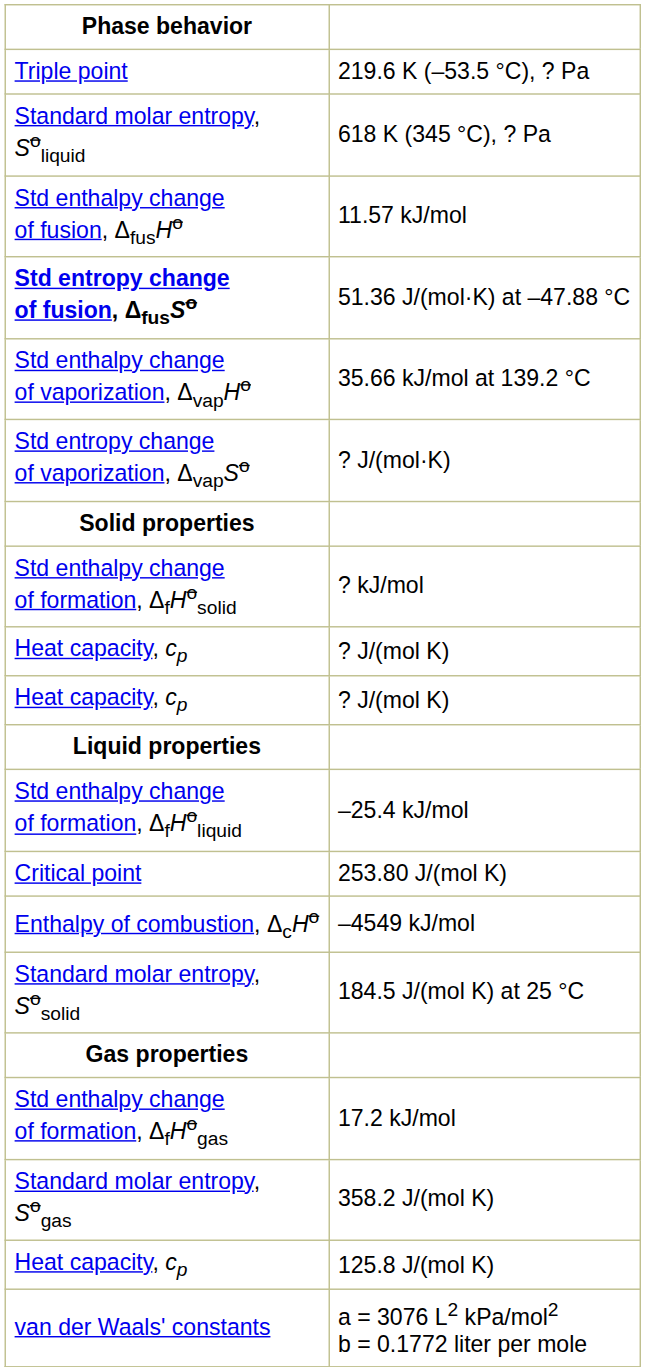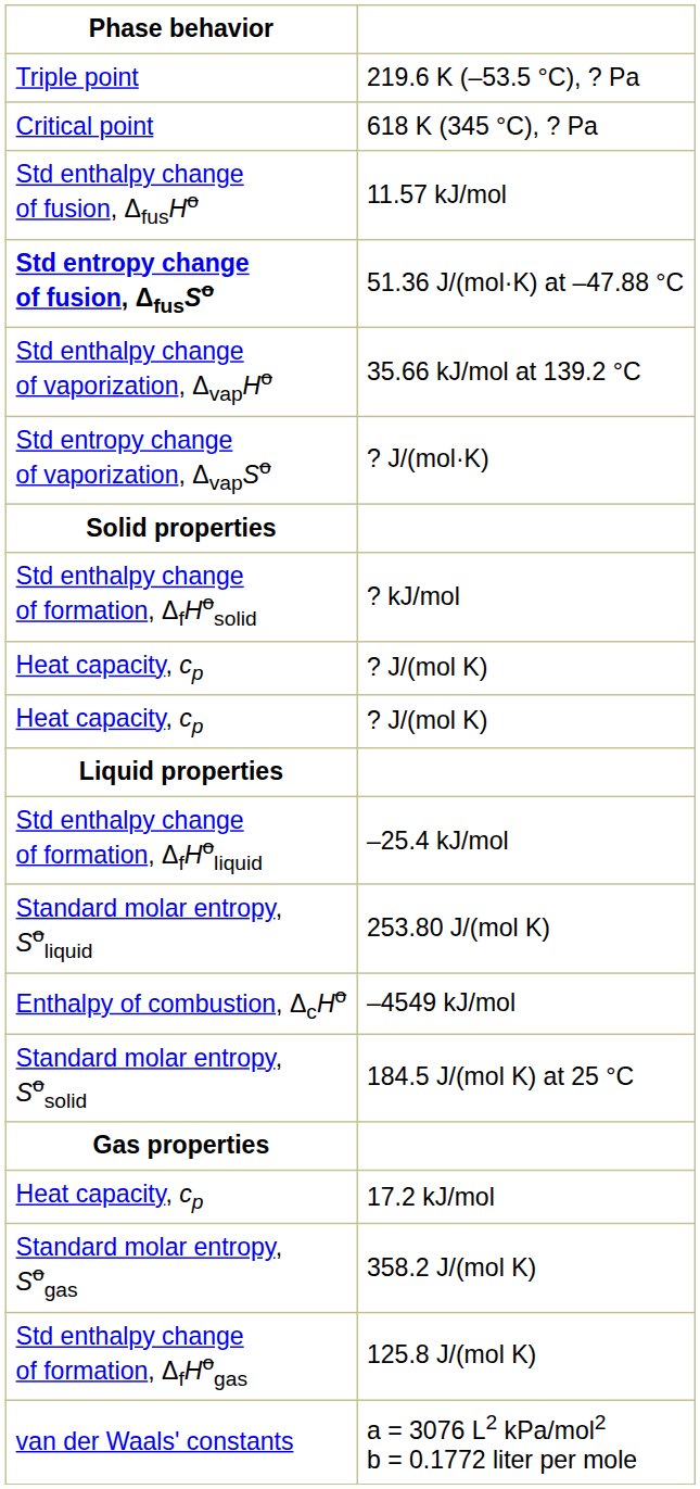 <table border="1" cellspacing="0" cellpadding="6" style="margin: 0 0 0 0.5em; background: #FFFFFF; border-collapse: collapse; border-color: #C0C090;">
 <tr>
 <th>Phase behavior</th>
 </tr>
 <tr>
 <td><a href='#'>Triple point</a></td>
 <td>219.6 K (–53.5 °C), ? Pa</td>
 </tr>
 <tr>
-<td><a href='#'>Standard molar entropy</a>,<br><em>S</em><sup><s>o</s></sup><sub>liquid</sub></td>
+<td><a href='#'>Critical point</a></td>
 <td>618 K (345 °C), ? Pa</td>
 </tr>
 <tr>
 <td><a href='#'>Std enthalpy change<br>of fusion</a>, Δ<sub>fus</sub><em>H</em><sup><s>o</s></sup></td>
 <td>11.57 kJ/mol</td>
 </tr>
 <tr>
 <td><strong><a href='#'>Std entropy change<br>of fusion</a>, Δ<sub>fus</sub><em>S</em><sup><s>o</s></sup></strong></td>
 <td>51.36 J/(mol·K) at –47.88 °C</td>
 </tr>
 <tr>
 <td><a href='#'>Std enthalpy change<br>of vaporization</a>, Δ<sub>vap</sub><em>H</em><sup><s>o</s></sup></td>
 <td>35.66 kJ/mol at 139.2 °C</td>
 </tr>
 <tr>
 <td><a href='#'>Std entropy change<br>of vaporization</a>, Δ<sub>vap</sub><em>S</em><sup><s>o</s></sup></td>
 <td>? J/(mol·K)</td>
 </tr>
 <tr>
 <th>Solid properties</th>
 </tr>
 <tr>
 <td><a href='#'>Std enthalpy change<br>of formation</a>, Δ<sub>f</sub><em>H</em><sup><s>o</s></sup><sub>solid</sub></td>
 <td>? kJ/mol</td>
 </tr>
 <tr>
 <td><a href='#'>Heat capacity</a>, <em>c<sub>p</sub></em></td>
 <td>? J/(mol K)</td>
 </tr>
 <tr>
 <td><a href='#'>Heat capacity</a>, <em>c<sub>p</sub></em></td>
 <td>? J/(mol K)</td>
 </tr>
 <tr>
 <th>Liquid properties</th>
 </tr>
 <tr>
 <td><a href='#'>Std enthalpy change<br>of formation</a>, Δ<sub>f</sub><em>H</em><sup><s>o</s></sup><sub>liquid</sub></td>
 <td>–25.4 kJ/mol</td>
 </tr>
 <tr>
-<td><a href='#'>Critical point</a></td>
+<td><a href='#'>Standard molar entropy</a>,<br><em>S</em><sup><s>o</s></sup><sub>liquid</sub></td>
 <td>253.80 J/(mol K)</td>
 </tr>
 <tr>
 <td><a href='#'>Enthalpy of combustion</a>, Δ<sub>c</sub><em>H</em><sup><s>o</s></sup></td>
 <td>–4549 kJ/mol</td>
 </tr>
 <tr>
 <td><a href='#'>Standard molar entropy</a>,<br><em>S</em><sup><s>o</s></sup><sub>solid</sub></td>
 <td>184.5 J/(mol K) at 25 °C</td>
 </tr>
 <tr>
 <th>Gas properties</th>
 </tr>
 <tr>
-<td><a href='#'>Std enthalpy change<br>of formation</a>, Δ<sub>f</sub><em>H</em><sup><s>o</s></sup><sub>gas</sub></td>
+<td><a href='#'>Heat capacity</a>, <em>c<sub>p</sub></em></td>
 <td>17.2 kJ/mol</td>
 </tr>
 <tr>
 <td><a href='#'>Standard molar entropy</a>,<br><em>S</em><sup><s>o</s></sup><sub>gas</sub></td>
 <td>358.2 J/(mol K)</td>
 </tr>
 <tr>
-<td><a href='#'>Heat capacity</a>, <em>c<sub>p</sub></em></td>
+<td><a href='#'>Std enthalpy change<br>of formation</a>, Δ<sub>f</sub><em>H</em><sup><s>o</s></sup><sub>gas</sub></td>
 <td>125.8 J/(mol K)</td>
 </tr>
 <tr>
 <td><a href='#'>van der Waals' constants</a></td>
 <td>a = 3076 L<sup>2</sup> kPa/mol<sup>2</sup><br> b = 0.1772 liter per mole</td>
 </tr>
 <tr>
 </tr>
 </table>
